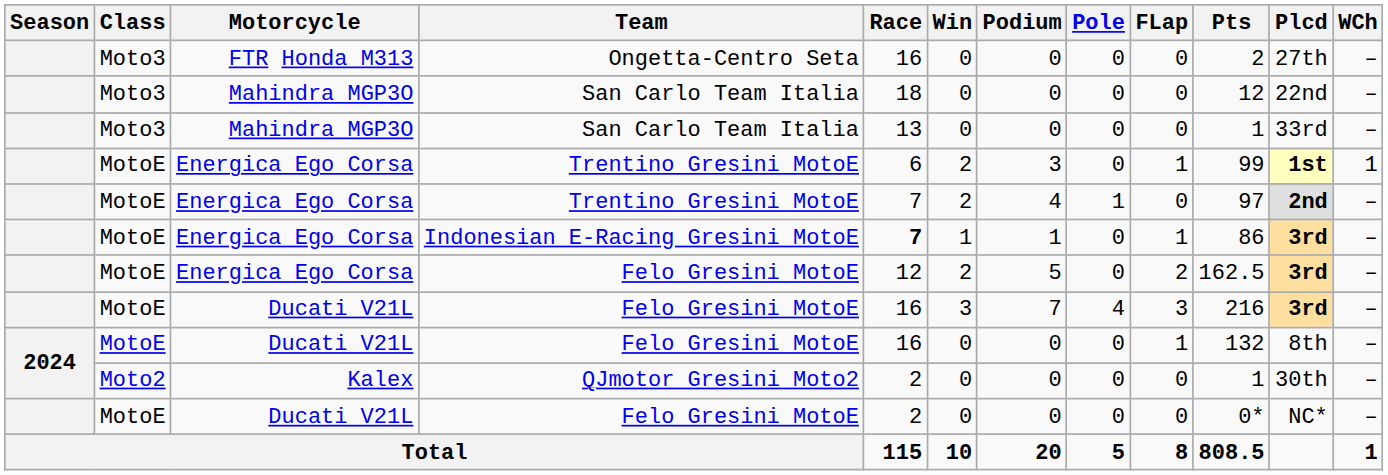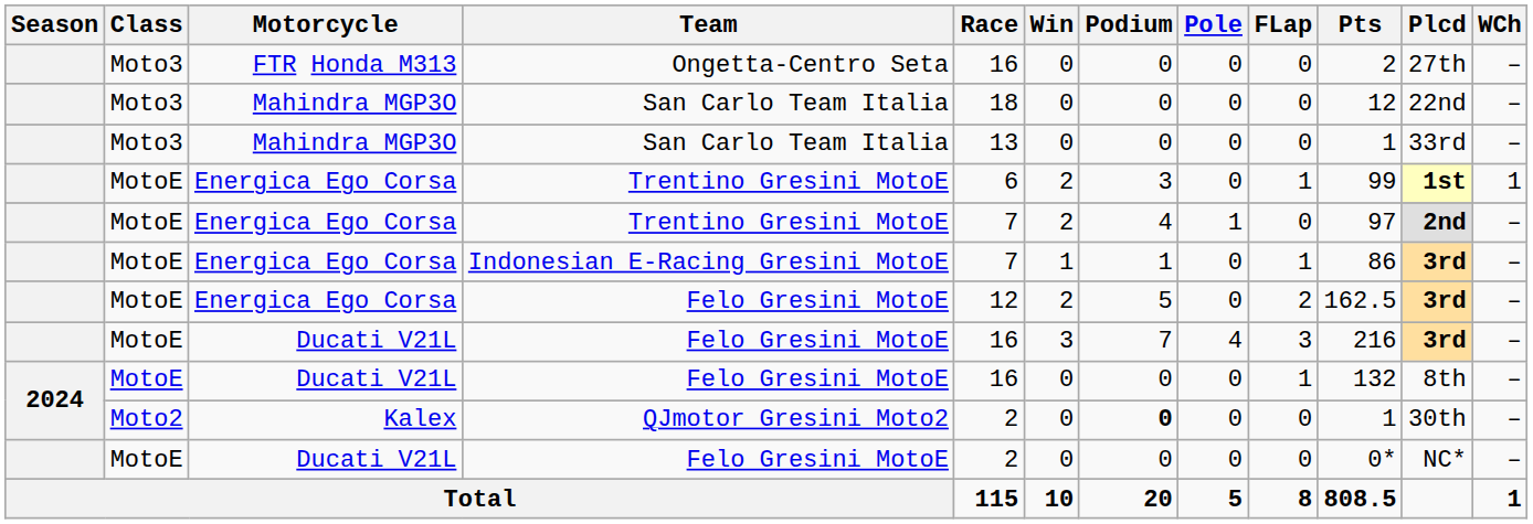 <table class="wikitable" style=text-align:right>
 <tr>
 <th>Season</th>
 <th>Class</th>
 <th>Motorcycle</th>
 <th>Team</th>
 <th>Race</th>
 <th>Win</th>
 <th>Podium</th>
 <th><a href='#'>Pole</a></th>
 <th>FLap</th>
 <th>Pts</th>
 <th>Plcd</th>
 <th>WCh</th>
 </tr>
 <tr>
 <th></th>
 <td>Moto3</td>
 <td><a href='#'>FTR</a> <a href='#'>Honda M313</a></td>
 <td>Ongetta-Centro Seta</td>
 <td>16</td>
 <td>0</td>
 <td>0</td>
 <td>0</td>
 <td>0</td>
 <td>2</td>
 <td>27th</td>
 <td>–</td>
 </tr>
 <tr>
 <th></th>
 <td>Moto3</td>
 <td><a href='#'>Mahindra MGP3O</a></td>
 <td>San Carlo Team Italia</td>
 <td>18</td>
 <td>0</td>
 <td>0</td>
 <td>0</td>
 <td>0</td>
 <td>12</td>
 <td>22nd</td>
 <td>–</td>
 </tr>
 <tr>
 <th></th>
 <td>Moto3</td>
 <td><a href='#'>Mahindra MGP3O</a></td>
 <td>San Carlo Team Italia</td>
 <td>13</td>
 <td>0</td>
 <td>0</td>
 <td>0</td>
 <td>0</td>
 <td>1</td>
 <td>33rd</td>
 <td>–</td>
 </tr>
 <tr>
 <th></th>
 <td>MotoE</td>
 <td><a href='#'>Energica Ego Corsa</a></td>
 <td><a href='#'>Trentino Gresini MotoE</a></td>
 <td>6</td>
 <td>2</td>
 <td>3</td>
 <td>0</td>
 <td>1</td>
 <td>99</td>
 <td style="background:#ffffbf;"><strong>1st</strong></td>
 <td>1</td>
 </tr>
 <tr>
 <th></th>
 <td>MotoE</td>
 <td><a href='#'>Energica Ego Corsa</a></td>
 <td><a href='#'>Trentino Gresini MotoE</a></td>
 <td>7</td>
 <td>2</td>
 <td>4</td>
 <td>1</td>
 <td>0</td>
 <td>97</td>
 <td style="background:#dfdfdf;"><strong>2nd</strong></td>
 <td>–</td>
 </tr>
 <tr>
 <th></th>
 <td>MotoE</td>
 <td><a href='#'>Energica Ego Corsa</a></td>
 <td><a href='#'>Indonesian E-Racing Gresini MotoE</a></td>
-<td><strong>7</strong></td>
+<td>7</td>
 <td>1</td>
 <td>1</td>
 <td>0</td>
 <td>1</td>
 <td>86</td>
 <td style="background:#ffdf9f;"><strong>3rd</strong></td>
 <td>–</td>
 </tr>
 <tr>
 <th></th>
 <td>MotoE</td>
 <td><a href='#'>Energica Ego Corsa</a></td>
 <td><a href='#'>Felo Gresini MotoE</a></td>
 <td>12</td>
 <td>2</td>
 <td>5</td>
 <td>0</td>
 <td>2</td>
 <td>162.5</td>
 <td style="background:#ffdf9f;"><strong>3rd</strong></td>
 <td>–</td>
 </tr>
 <tr>
 <th></th>
 <td>MotoE</td>
 <td><a href='#'>Ducati V21L</a></td>
 <td><a href='#'>Felo Gresini MotoE</a></td>
 <td>16</td>
 <td>3</td>
 <td>7</td>
 <td>4</td>
 <td>3</td>
 <td>216</td>
 <td style="background:#ffdf9f;"><strong>3rd</strong></td>
 <td>–</td>
 </tr>
 <tr>
 <th rowspan=2>2024</th>
 <td><a href='#'>MotoE</a></td>
 <td><a href='#'>Ducati V21L</a></td>
 <td><a href='#'>Felo Gresini MotoE</a></td>
 <td>16</td>
 <td>0</td>
 <td>0</td>
 <td>0</td>
 <td>1</td>
 <td>132</td>
 <td>8th</td>
 <td>–</td>
 </tr>
 <tr>
 <td><a href='#'>Moto2</a></td>
 <td><a href='#'>Kalex</a></td>
 <td><a href='#'>QJmotor Gresini Moto2</a></td>
 <td>2</td>
 <td>0</td>
-<td>0</td>
+<td><strong>0</strong></td>
 <td>0</td>
 <td>0</td>
 <td>1</td>
 <td>30th</td>
 <td>–</td>
 </tr>
 <tr>
 <th></th>
 <td>MotoE</td>
 <td><a href='#'>Ducati V21L</a></td>
 <td><a href='#'>Felo Gresini MotoE</a></td>
 <td>2</td>
 <td>0</td>
 <td>0</td>
 <td>0</td>
 <td>0</td>
 <td>0*</td>
 <td>NC*</td>
 <td>–</td>
 </tr>
 <tr>
 <th colspan=4>Total</th>
 <td><strong>115</strong></td>
 <td><strong>10</strong></td>
 <td><strong>20</strong></td>
 <td><strong>5</strong></td>
 <td><strong>8</strong></td>
 <td><strong>808.5</strong></td>
 <td></td>
 <td><strong>1</strong></td>
 </tr>
 </table>
